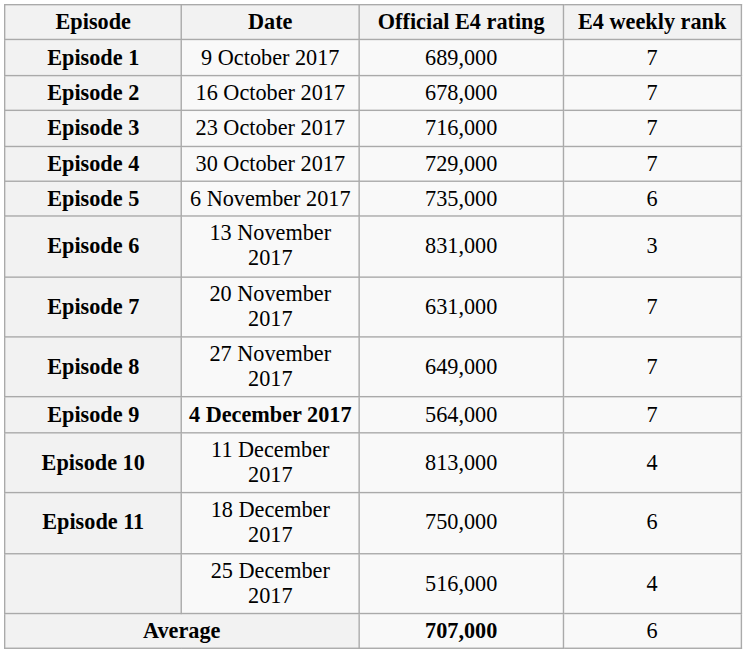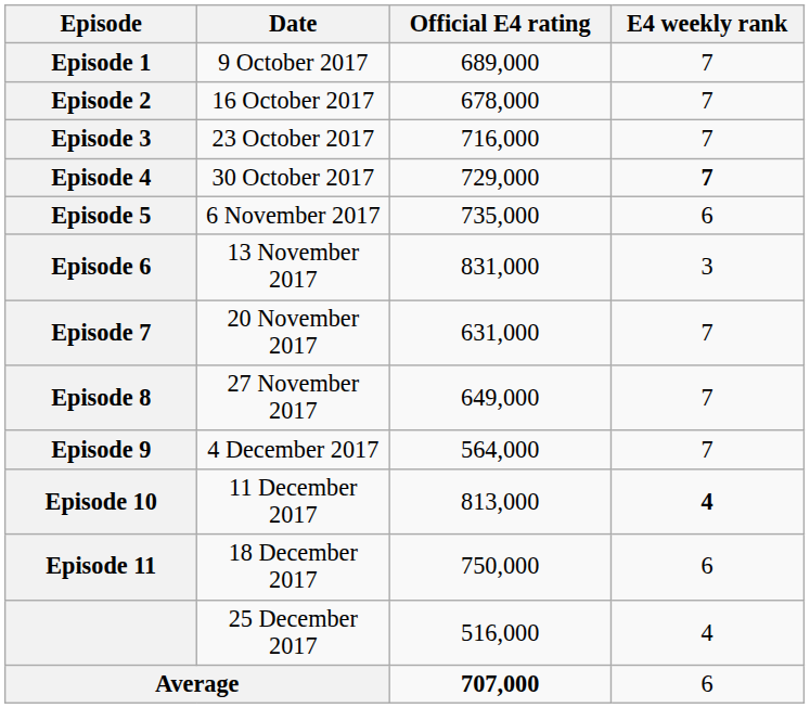 <table class="wikitable sortable" style="text-align:center">
 <tr>
 <th scope="col" style="width:120px;">Episode</th>
 <th scope="col" style="width:120px;">Date</th>
 <th scope="col" style="width:140px;">Official E4 rating</th>
 <th scope="col" style="width:120px;">E4 weekly rank</th>
 </tr>
 <tr>
 <th scope="row">Episode 1</th>
 <td>9 October 2017</td>
 <td>689,000</td>
 <td>7</td>
 </tr>
 <tr>
 <th scope="row">Episode 2</th>
 <td>16 October 2017</td>
 <td>678,000</td>
 <td>7</td>
 </tr>
 <tr>
 <th scope="row">Episode 3</th>
 <td>23 October 2017</td>
 <td>716,000</td>
 <td>7</td>
 </tr>
 <tr>
 <th scope="row">Episode 4</th>
 <td>30 October 2017</td>
 <td>729,000</td>
-<td>7</td>
+<td><strong>7</strong></td>
 </tr>
 <tr>
 <th scope="row">Episode 5</th>
 <td>6 November 2017</td>
 <td>735,000</td>
 <td>6</td>
 </tr>
 <tr>
 <th scope="row">Episode 6</th>
 <td>13 November 2017</td>
 <td>831,000</td>
 <td>3</td>
 </tr>
 <tr>
 <th scope="row">Episode 7</th>
 <td>20 November 2017</td>
 <td>631,000</td>
 <td>7</td>
 </tr>
 <tr>
 <th scope="row">Episode 8</th>
 <td>27 November 2017</td>
 <td>649,000</td>
 <td>7</td>
 </tr>
 <tr>
 <th scope="row">Episode 9</th>
-<td><strong>4 December 2017</strong></td>
+<td>4 December 2017</td>
 <td>564,000</td>
 <td>7</td>
 </tr>
 <tr>
 <th scope="row">Episode 10</th>
 <td>11 December 2017</td>
 <td>813,000</td>
-<td>4</td>
+<td><strong>4</strong></td>
 </tr>
 <tr>
 <th scope="row">Episode 11</th>
 <td>18 December 2017</td>
 <td>750,000</td>
 <td>6</td>
 </tr>
 <tr>
 <th scope="row"></th>
 <td>25 December 2017</td>
 <td>516,000</td>
 <td>4</td>
 </tr>
 <tr>
 <th scope="row" colspan="2">Average</th>
 <td><strong>707,000</strong></td>
 <td>6</td>
 </tr>
 </table>
